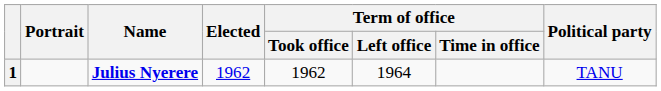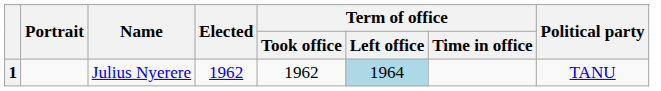 <table class="wikitable" style="text-align:center">
 <tr>
 <th rowspan="2"></th>
 <th rowspan="2">Portrait</th>
 <th rowspan="2">Name<br></th>
 <th rowspan="2">Elected</th>
 <th colspan="3">Term of office</th>
 <th rowspan="2">Political party</th>
 </tr>
 <tr>
 <th>Took office</th>
 <th>Left office</th>
 <th>Time in office</th>
 </tr>
 <tr>
 <th style="background:">1</th>
 <td></td>
-<td><strong><a href='#'>Julius Nyerere</a><br></strong></td>
+<td><a href='#'>Julius Nyerere</a><br></td>
 <td><a href='#'>1962</a></td>
 <td> 1962</td>
-<td> 1964</td>
+<td style="background: lightblue;"> 1964</td>
 <td></td>
 <td><a href='#'>TANU</a></td>
 </tr>
 </table>
